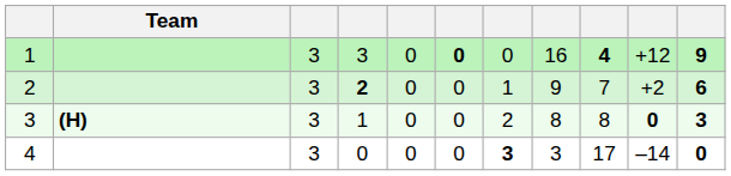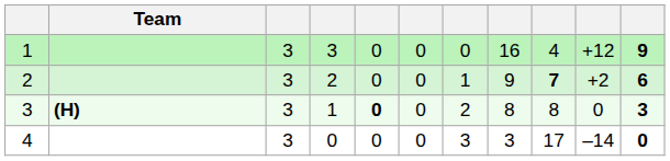 <table class="wikitable" style="text-align: center; font-size: 100%;">
 <tr>
 <th width="30"></th>
 <th width="175">Team</th>
 <th width="30"></th>
 <th width="30"></th>
 <th width="30"></th>
 <th width="30"></th>
 <th width="30"></th>
 <th width="30"></th>
 <th width="30"></th>
 <th width="30"></th>
 <th width="30"></th>
 </tr>
 <tr style="background-color: #bbf3bb;">
 <td>1</td>
 <td align=left></td>
 <td>3</td>
 <td>3</td>
 <td>0</td>
-<td><strong>0</strong></td>
+<td>0</td>
 <td>0</td>
 <td>16</td>
-<td><strong>4</strong></td>
+<td>4</td>
 <td>+12</td>
 <td><strong>9</strong></td>
 </tr>
 <tr style="background-color: #d5f4d5;">
 <td>2</td>
 <td align=left></td>
 <td>3</td>
-<td><strong>2</strong></td>
+<td>2</td>
 <td>0</td>
 <td>0</td>
 <td>1</td>
 <td>9</td>
-<td>7</td>
+<td><strong>7</strong></td>
 <td>+2</td>
 <td><strong>6</strong></td>
 </tr>
 <tr style="background-color: #edfced;">
 <td>3</td>
 <td align=left> <strong>(H)</strong></td>
 <td>3</td>
 <td>1</td>
-<td>0</td>
+<td><strong>0</strong></td>
 <td>0</td>
 <td>2</td>
 <td>8</td>
 <td>8</td>
-<td><strong>0</strong></td>
+<td>0</td>
 <td><strong>3</strong></td>
 </tr>
 <tr style="background-color: #fefffe;">
 <td>4</td>
 <td align=left></td>
 <td>3</td>
 <td>0</td>
 <td>0</td>
 <td>0</td>
-<td><strong>3</strong></td>
+<td>3</td>
 <td>3</td>
 <td>17</td>
 <td>–14</td>
 <td><strong>0</strong></td>
 </tr>
 </table>
